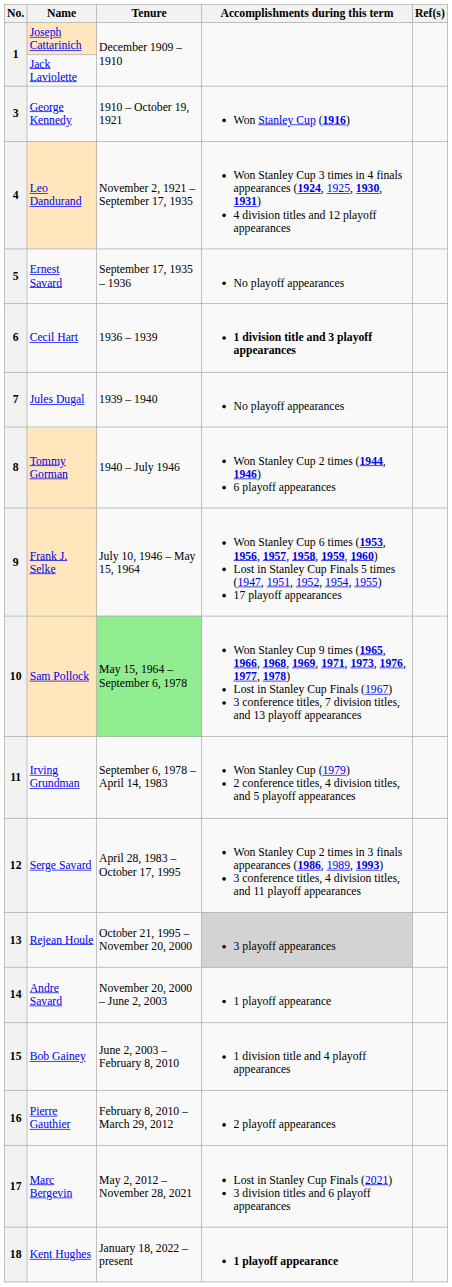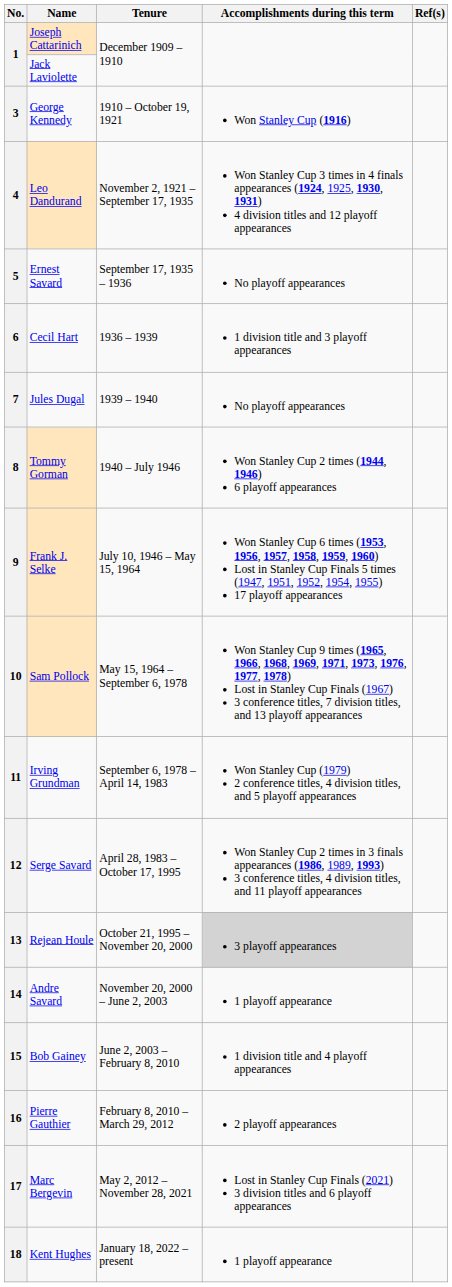 <table class="wikitable">
 <tr>
 <th scope="col">No.</th>
 <th scope="col">Name</th>
 <th scope="col">Tenure</th>
 <th scope="col">Accomplishments during this term</th>
 <th scope="col">Ref(s)</th>
 </tr>
 <tr>
 <th scope="row" rowspan="2">1</th>
 <td style="background: #FFE6BD;"><a href='#'>Joseph Cattarinich</a></td>
 <td rowspan="2">December 1909 – 1910</td>
 <td rowspan="2"></td>
 <td rowspan="2"></td>
 </tr>
 <tr>
 <td><a href='#'>Jack Laviolette</a></td>
 </tr>
 <tr>
 <th scope="row">3</th>
 <td><a href='#'>George Kennedy</a></td>
 <td>1910 – October 19, 1921</td>
 <td><br><ul><li>Won <a href='#'>Stanley Cup</a> (<strong><a href='#'>1916</a></strong>)</li></ul></td>
 <td></td>
 </tr>
 <tr>
 <th scope="row">4</th>
 <td style="background: #FFE6BD;"><a href='#'>Leo Dandurand</a></td>
 <td>November 2, 1921 – September 17, 1935</td>
 <td><br><ul><li>Won Stanley Cup 3 times in 4 finals appearances (<strong><a href='#'>1924</a></strong>, <a href='#'>1925</a>, <strong><a href='#'>1930</a></strong>, <strong><a href='#'>1931</a></strong>)</li><li>4 division titles and 12 playoff appearances</li></ul></td>
 <td></td>
 </tr>
 <tr>
 <th scope="row">5</th>
 <td><a href='#'>Ernest Savard</a></td>
 <td>September 17, 1935 – 1936</td>
 <td><br><ul><li>No playoff appearances</li></ul></td>
 <td></td>
 </tr>
 <tr>
 <th scope="row">6</th>
 <td><a href='#'>Cecil Hart</a></td>
 <td>1936 – 1939</td>
-<td><strong><br><ul><li>1 division title and 3 playoff appearances</li></ul></strong></td>
+<td><br><ul><li>1 division title and 3 playoff appearances</li></ul></td>
 <td></td>
 </tr>
 <tr>
 <th scope="row">7</th>
 <td><a href='#'>Jules Dugal</a></td>
 <td>1939 – 1940</td>
 <td><br><ul><li>No playoff appearances</li></ul></td>
 <td></td>
 </tr>
 <tr>
 <th scope="row">8</th>
 <td style="background: #FFE6BD;"><a href='#'>Tommy Gorman</a></td>
 <td>1940 – July 1946</td>
 <td><br><ul><li>Won Stanley Cup 2 times (<strong><a href='#'>1944</a></strong>, <strong><a href='#'>1946</a></strong>)</li><li>6 playoff appearances</li></ul></td>
 <td></td>
 </tr>
 <tr>
 <th scope="row">9</th>
 <td style="background: #FFE6BD;"><a href='#'>Frank J. Selke</a></td>
 <td>July 10, 1946 – May 15, 1964</td>
 <td><br><ul><li>Won Stanley Cup 6 times (<strong><a href='#'>1953</a></strong>, <strong><a href='#'>1956</a></strong>, <strong><a href='#'>1957</a></strong>, <strong><a href='#'>1958</a></strong>, <strong><a href='#'>1959</a></strong>, <strong><a href='#'>1960</a></strong>)</li><li>Lost in Stanley Cup Finals 5 times (<a href='#'>1947</a>, <a href='#'>1951</a>, <a href='#'>1952</a>, <a href='#'>1954</a>, <a href='#'>1955</a>)</li><li>17 playoff appearances</li></ul></td>
 <td></td>
 </tr>
 <tr>
 <th scope="row">10</th>
 <td style="background: #FFE6BD;"><a href='#'>Sam Pollock</a></td>
-<td style="background: lightgreen;">May 15, 1964 – September 6, 1978</td>
+<td>May 15, 1964 – September 6, 1978</td>
 <td><br><ul><li>Won Stanley Cup 9 times (<strong><a href='#'>1965</a></strong>, <strong><a href='#'>1966</a></strong>, <strong><a href='#'>1968</a></strong>, <strong><a href='#'>1969</a></strong>, <strong><a href='#'>1971</a></strong>, <strong><a href='#'>1973</a></strong>, <strong><a href='#'>1976</a></strong>, <strong><a href='#'>1977</a></strong>, <strong><a href='#'>1978</a></strong>)</li><li>Lost in Stanley Cup Finals (<a href='#'>1967</a>)</li><li>3 conference titles, 7 division titles, and 13 playoff appearances</li></ul></td>
 <td></td>
 </tr>
 <tr>
 <th scope="row">11</th>
 <td><a href='#'>Irving Grundman</a></td>
 <td>September 6, 1978 – April 14, 1983</td>
 <td><br><ul><li>Won Stanley Cup (<a href='#'>1979</a>)</li><li>2 conference titles, 4 division titles, and 5 playoff appearances</li></ul></td>
 <td></td>
 </tr>
 <tr>
 <th scope="row">12</th>
 <td><a href='#'>Serge Savard</a></td>
 <td>April 28, 1983 – October 17, 1995</td>
 <td><br><ul><li>Won Stanley Cup 2 times in 3 finals appearances (<strong><a href='#'>1986</a></strong>, <a href='#'>1989</a>, <strong><a href='#'>1993</a></strong>)</li><li>3 conference titles, 4 division titles, and 11 playoff appearances</li></ul></td>
 <td></td>
 </tr>
 <tr>
 <th scope="row">13</th>
 <td><a href='#'>Rejean Houle</a></td>
 <td>October 21, 1995 – November 20, 2000</td>
 <td style="background: lightgrey;"><br><ul><li>3 playoff appearances</li></ul></td>
 <td></td>
 </tr>
 <tr>
 <th scope="row">14</th>
 <td><a href='#'>Andre Savard</a></td>
 <td>November 20, 2000 – June 2, 2003</td>
 <td><br><ul><li>1 playoff appearance</li></ul></td>
 <td></td>
 </tr>
 <tr>
 <th scope="row">15</th>
 <td><a href='#'>Bob Gainey</a></td>
 <td>June 2, 2003 – February 8, 2010</td>
 <td><br><ul><li>1 division title and 4 playoff appearances</li></ul></td>
 <td></td>
 </tr>
 <tr>
 <th scope="row">16</th>
 <td><a href='#'>Pierre Gauthier</a></td>
 <td>February 8, 2010 – March 29, 2012</td>
 <td><br><ul><li>2 playoff appearances</li></ul></td>
 <td></td>
 </tr>
 <tr>
 <th scope="row">17</th>
 <td><a href='#'>Marc Bergevin</a></td>
 <td>May 2, 2012 – November 28, 2021</td>
 <td><br><ul><li>Lost in Stanley Cup Finals (<a href='#'>2021</a>)</li><li>3 division titles and 6 playoff appearances</li></ul></td>
 <td></td>
 </tr>
 <tr>
 <th scope="row">18</th>
 <td><a href='#'>Kent Hughes</a></td>
 <td>January 18, 2022 – present</td>
-<td><strong><br><ul><li>1 playoff appearance</li></ul></strong></td>
+<td><br><ul><li>1 playoff appearance</li></ul></td>
 <td></td>
 </tr>
 </table>
